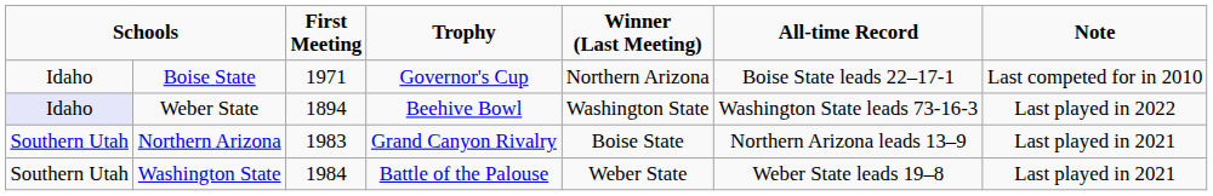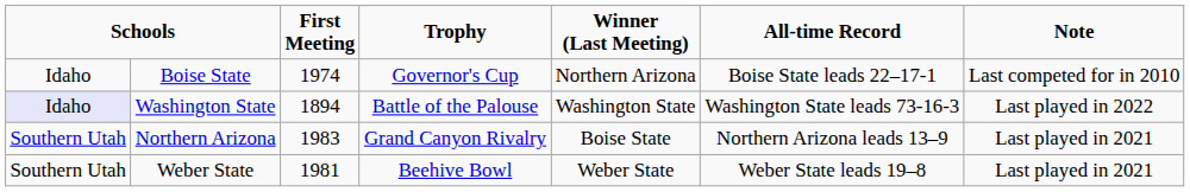 <table class="wikitable" style="text-align:center">
 <tr>
 <td colspan=2><strong>Schools</strong></td>
 <td><strong>First<br>Meeting</strong></td>
 <td><strong>Trophy</strong></td>
 <td><strong>Winner<br>(Last Meeting)</strong></td>
 <td><strong>All-time Record</strong></td>
 <td><strong>Note</strong></td>
 </tr>
 <tr>
 <td>Idaho</td>
 <td><a href='#'>Boise State</a></td>
-<td align=center>1971</td>
+<td align=center>1974</td>
 <td><a href='#'>Governor's Cup</a></td>
 <td>Northern Arizona</td>
 <td>Boise State leads 22–17-1</td>
 <td>Last competed for in 2010</td>
 </tr>
 <tr>
 <td style="background: lavender;">Idaho</td>
-<td>Weber State</td>
+<td><a href='#'>Washington State</a></td>
 <td align=center>1894</td>
-<td><a href='#'>Beehive Bowl</a></td>
+<td><a href='#'>Battle of the Palouse</a></td>
 <td>Washington State</td>
 <td>Washington State leads 73-16-3</td>
 <td>Last played in 2022</td>
 </tr>
 <tr>
 <td><a href='#'>Southern Utah</a></td>
 <td><a href='#'>Northern Arizona</a></td>
 <td align=center>1983</td>
 <td><a href='#'>Grand Canyon Rivalry</a></td>
 <td>Boise State</td>
 <td>Northern Arizona leads 13–9</td>
 <td>Last played in 2021</td>
 </tr>
 <tr>
 <td>Southern Utah</td>
-<td><a href='#'>Washington State</a></td>
-<td align=center>1984</td>
-<td><a href='#'>Battle of the Palouse</a></td>
+<td>Weber State</td>
+<td align=center>1981</td>
+<td><a href='#'>Beehive Bowl</a></td>
 <td>Weber State</td>
 <td>Weber State leads 19–8</td>
 <td>Last played in 2021</td>
 </tr>
 </table>
